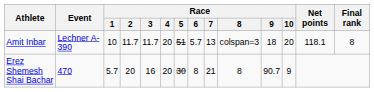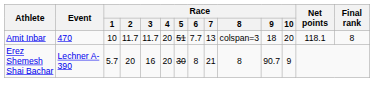 <table class="wikitable" style="font-size:90%">
 <tr>
 <th rowspan=2>Athlete</th>
 <th rowspan=2>Event</th>
 <th colspan=10>Race</th>
 <th rowspan=2>Net points</th>
 <th rowspan=2>Final rank</th>
 </tr>
 <tr style="font-size:95%">
 <th>1</th>
 <th>2</th>
 <th>3</th>
 <th>4</th>
 <th>5</th>
 <th>6</th>
 <th>7</th>
 <th>8</th>
 <th>9</th>
 <th>10</th>
 </tr>
 <tr align=center>
 <td align=left><a href='#'>Amit Inbar</a></td>
-<td align=left><a href='#'>Lechner A-390</a></td>
+<td align=left><a href='#'>470</a></td>
 <td>10</td>
 <td>11.7</td>
 <td>11.7</td>
 <td>20</td>
 <td><s>51</s></td>
-<td>5.7</td>
+<td>7.7</td>
 <td>13</td>
 <td>colspan=3</td>
 <td>18</td>
 <td>20</td>
 <td>118.1</td>
 <td>8</td>
 </tr>
 <tr align=center>
 <td align=left><a href='#'>Erez Shemesh</a><br><a href='#'>Shai Bachar</a></td>
-<td align=left><a href='#'>470</a></td>
+<td align=left><a href='#'>Lechner A-390</a></td>
 <td>5.7</td>
 <td>20</td>
 <td>16</td>
 <td>20</td>
 <td><s>30</s></td>
 <td>8</td>
 <td>21</td>
 <td>8</td>
 <td>90.7</td>
 <td>9</td>
 </tr>
 </table>
